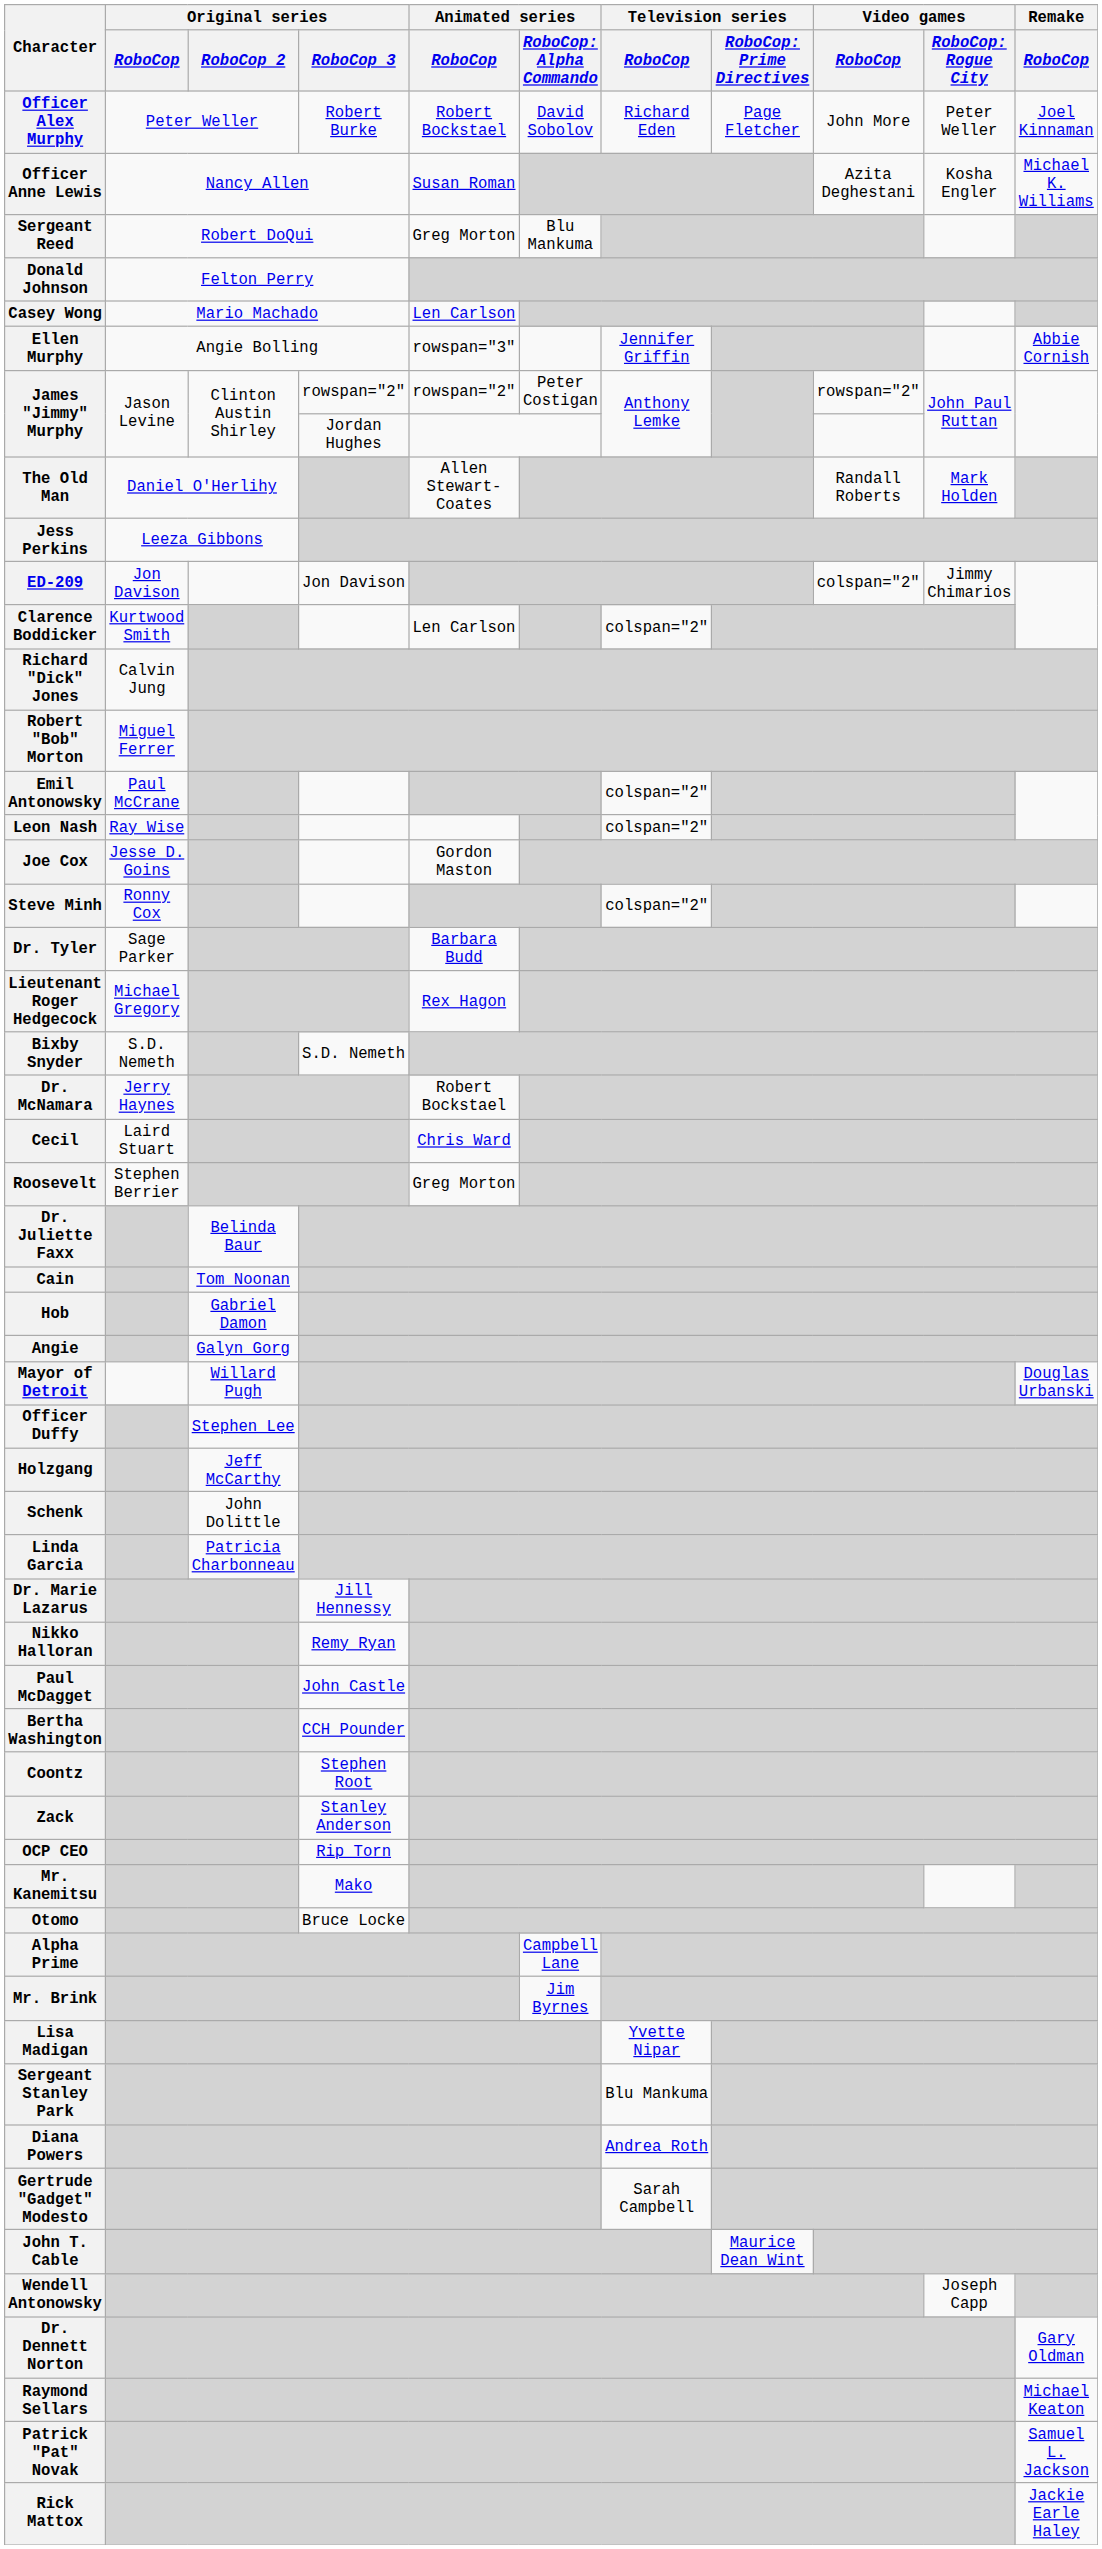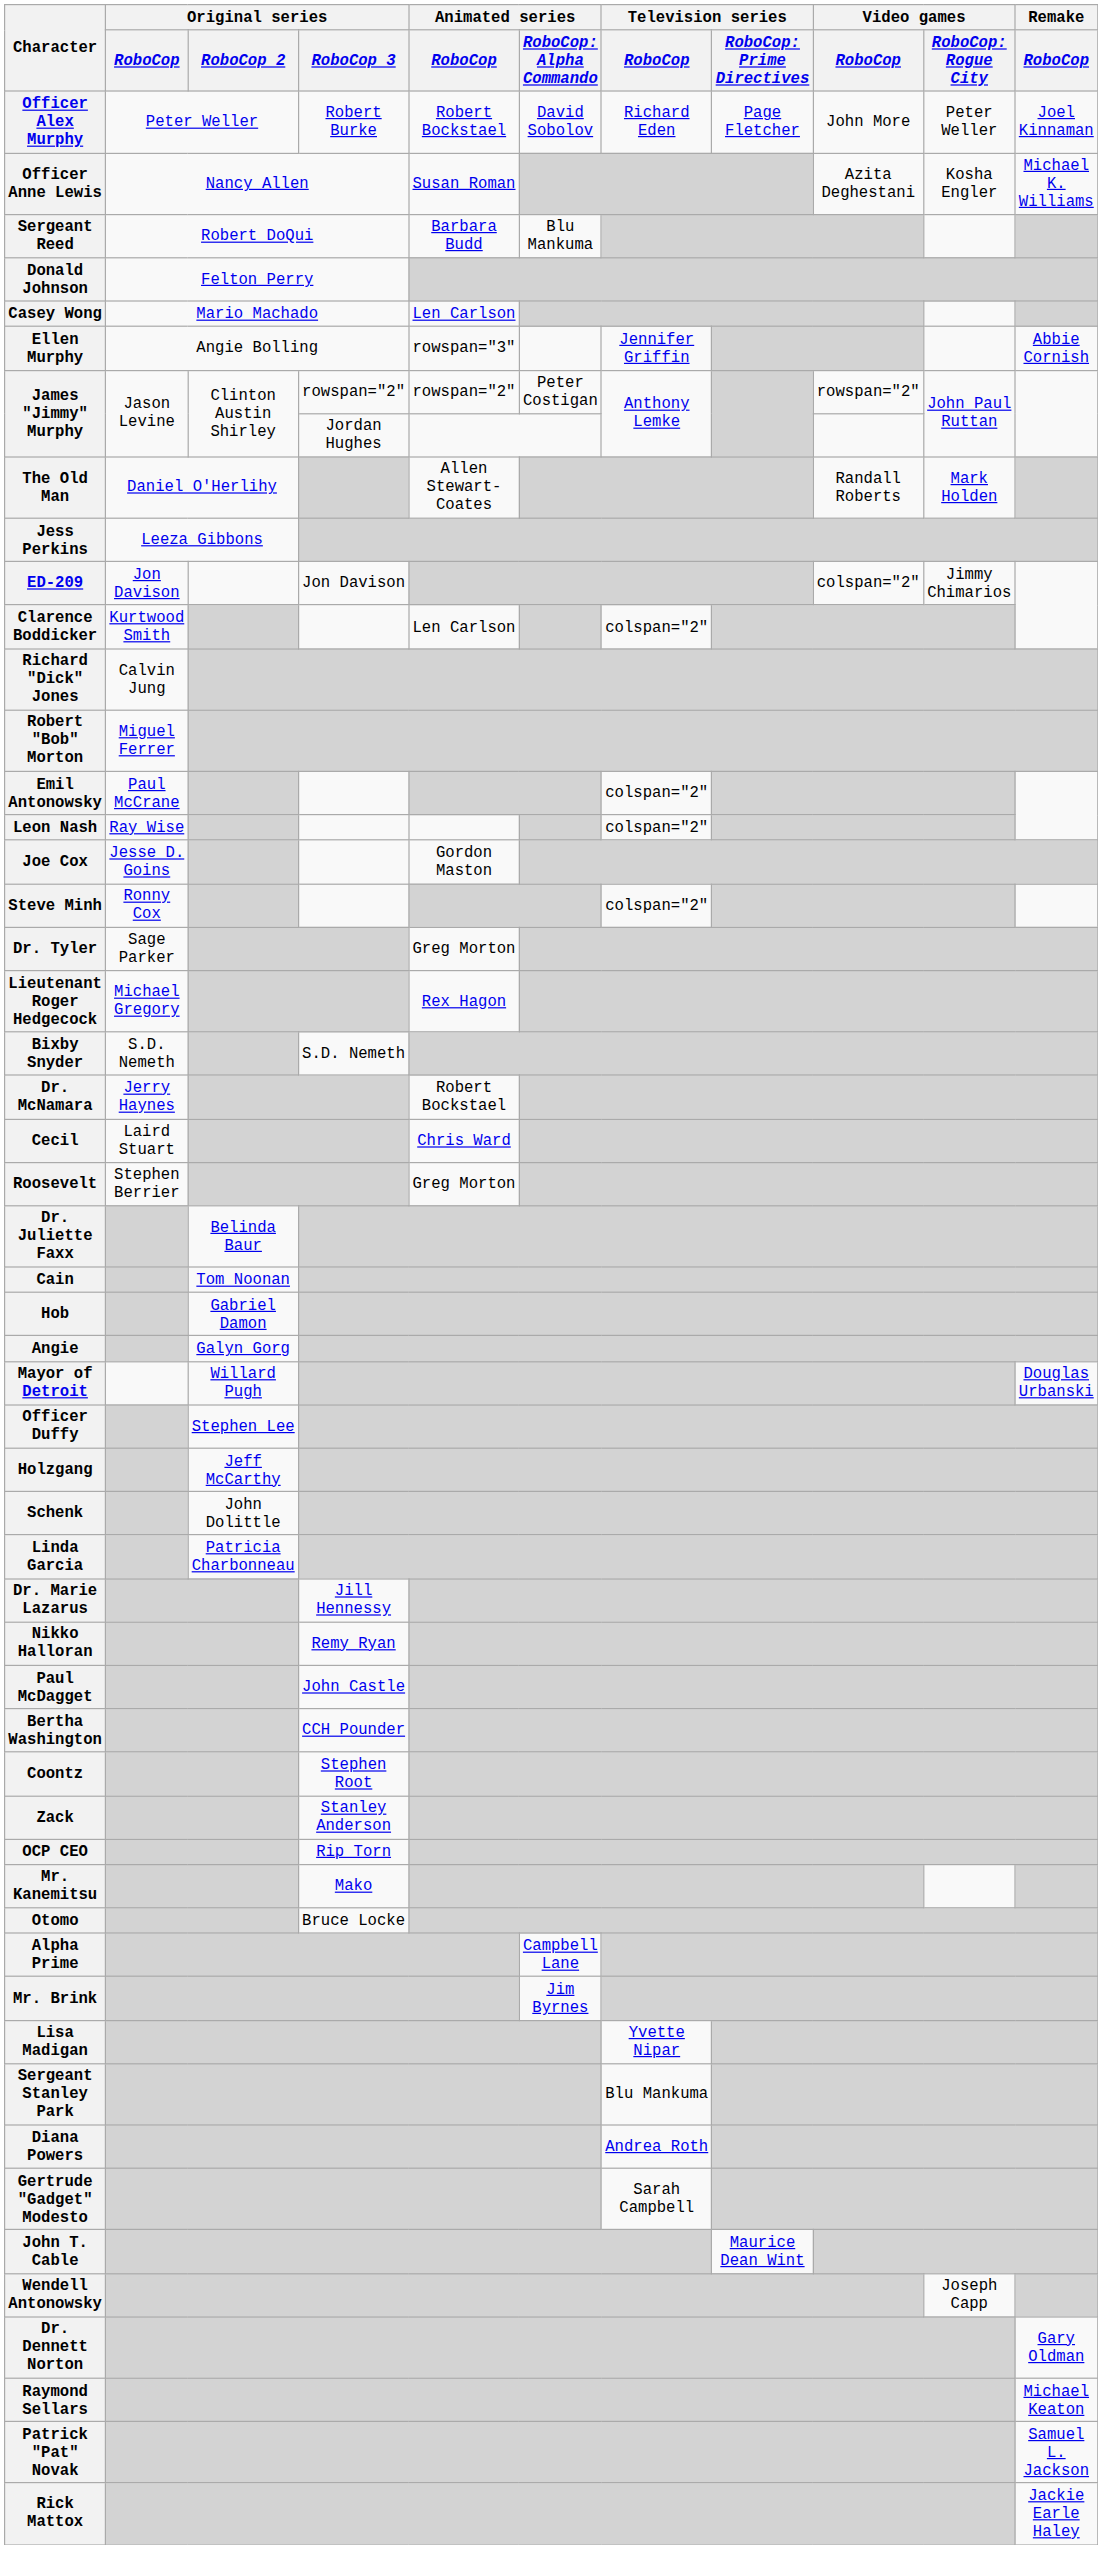 <table class="wikitable"  style="text-align:center;">
 <tr>
 <th rowspan="2">Character</th>
 <th colspan="3">Original series</th>
 <th colspan="2">Animated series</th>
 <th colspan="2">Television series</th>
 <th colspan="2">Video games</th>
 <th>Remake</th>
 </tr>
 <tr>
 <th><em><a href='#'>RoboCop</a></em></th>
 <th><em><a href='#'>RoboCop 2</a></em></th>
 <th><em><a href='#'>RoboCop 3</a></em></th>
 <th><em><a href='#'>RoboCop</a></em></th>
 <th><em><a href='#'>RoboCop: Alpha Commando</a></em></th>
 <th><em><a href='#'>RoboCop</a></em></th>
 <th><em><a href='#'>RoboCop: Prime Directives</a></em></th>
 <th><em><a href='#'>RoboCop</a></em></th>
 <th><em><a href='#'>RoboCop: Rogue City</a></em></th>
 <th><em><a href='#'>RoboCop</a></em></th>
 </tr>
 <tr>
 <th><a href='#'>Officer Alex Murphy<br></a></th>
 <td colspan="2"><a href='#'>Peter Weller</a></td>
 <td><a href='#'>Robert Burke</a></td>
 <td><a href='#'>Robert Bockstael</a></td>
 <td><a href='#'>David Sobolov</a></td>
 <td><a href='#'>Richard Eden</a></td>
 <td><a href='#'>Page Fletcher</a></td>
 <td>John More</td>
 <td>Peter Weller</td>
 <td><a href='#'>Joel Kinnaman</a></td>
 </tr>
 <tr>
 <th>Officer Anne Lewis</th>
 <td colspan="3"><a href='#'>Nancy Allen</a></td>
 <td><a href='#'>Susan Roman</a></td>
 <td colspan="3" style="background:lightgrey"></td>
 <td>Azita Deghestani</td>
 <td>Kosha Engler</td>
 <td><a href='#'>Michael K. Williams</a></td>
 </tr>
 <tr>
 <th>Sergeant Reed</th>
 <td colspan="3"><a href='#'>Robert DoQui</a></td>
-<td>Greg Morton</td>
+<td><a href='#'>Barbara Budd</a></td>
 <td>Blu Mankuma</td>
 <td colspan="3" style="background:lightgrey;"></td>
 <td></td>
 <td style="background:lightgrey;"></td>
 </tr>
 <tr>
 <th>Donald Johnson</th>
 <td colspan="3"><a href='#'>Felton Perry</a></td>
 <td colspan="7" style="background:lightgrey;"></td>
 </tr>
 <tr>
 <th>Casey Wong</th>
 <td colspan="3"><a href='#'>Mario Machado</a></td>
 <td><a href='#'>Len Carlson</a></td>
 <td colspan="4" style="background:lightgrey;"></td>
 <td></td>
 <td style="background:lightgrey;"></td>
 </tr>
 <tr>
 <th>Ellen Murphy</th>
 <td colspan="3">Angie Bolling</td>
 <td>rowspan="3" </td>
 <td></td>
 <td><a href='#'>Jennifer Griffin</a></td>
 <td colspan="2" style="background:lightgrey;"></td>
 <td></td>
 <td><a href='#'>Abbie Cornish</a></td>
 </tr>
 <tr>
 <th rowspan="2">James "Jimmy" Murphy</th>
 <td rowspan="2">Jason Levine</td>
 <td rowspan="2">Clinton Austin Shirley</td>
 <td>rowspan="2" </td>
 <td>rowspan="2" </td>
 <td>Peter Costigan</td>
 <td rowspan="2"><a href='#'>Anthony Lemke</a></td>
 <td rowspan="2" style="background:lightgrey;"></td>
 <td>rowspan="2" </td>
 <td rowspan="2"><a href='#'>John Paul Ruttan</a></td>
 </tr>
 <tr>
 <td>Jordan Hughes</td>
 </tr>
 <tr>
 <th>The Old Man</th>
 <td colspan="2"><a href='#'>Daniel O'Herlihy</a></td>
 <td style="background:lightgrey;"></td>
 <td>Allen Stewart-Coates</td>
 <td colspan="3" style="background:lightgrey;"></td>
 <td>Randall Roberts</td>
 <td><a href='#'>Mark Holden</a></td>
 <td style="background:lightgrey;"></td>
 </tr>
 <tr>
 <th>Jess Perkins</th>
 <td colspan="2"><a href='#'>Leeza Gibbons</a></td>
 <td colspan="8" style="background:lightgrey;"></td>
 </tr>
 <tr>
 <th><a href='#'>ED-209</a></th>
 <td><a href='#'>Jon Davison</a></td>
 <td></td>
 <td>Jon Davison</td>
 <td colspan="4" style="background:lightgrey;"></td>
 <td>colspan="2" </td>
 <td>Jimmy Chimarios</td>
 </tr>
 <tr>
 <th>Clarence Boddicker</th>
 <td><a href='#'>Kurtwood Smith</a></td>
 <td style="background:lightgrey;"></td>
 <td></td>
 <td>Len Carlson</td>
 <td style="background:lightgrey;"></td>
 <td>colspan="2" </td>
 <td colspan="3" style="background:lightgrey;"></td>
 </tr>
 <tr>
 <th>Richard "Dick" Jones</th>
 <td>Calvin Jung</td>
 <td colspan="9" style="background:lightgrey;"></td>
 </tr>
 <tr>
 <th>Robert "Bob" Morton</th>
 <td><a href='#'>Miguel Ferrer</a></td>
 <td colspan="9" style="background:lightgrey;"></td>
 </tr>
 <tr>
 <th>Emil Antonowsky</th>
 <td><a href='#'>Paul McCrane</a></td>
 <td style="background:lightgrey;"></td>
 <td></td>
 <td colspan="2" style="background:lightgrey;"></td>
 <td>colspan="2" </td>
 <td colspan="3" style="background:lightgrey;"></td>
 </tr>
 <tr>
 <th>Leon Nash</th>
 <td><a href='#'>Ray Wise</a></td>
 <td style="background:lightgrey;"></td>
 <td></td>
 <td></td>
 <td style="background:lightgrey;"></td>
 <td>colspan="2" </td>
 <td colspan="3" style="background:lightgrey;"></td>
 </tr>
 <tr>
 <th>Joe Cox</th>
 <td><a href='#'>Jesse D. Goins</a></td>
 <td style="background:lightgrey;"></td>
 <td></td>
 <td>Gordon Maston</td>
 <td colspan="6" style="background:lightgrey;"></td>
 </tr>
 <tr>
 <th>Steve Minh</th>
 <td><a href='#'>Ronny Cox</a></td>
 <td style="background:lightgrey;"></td>
 <td></td>
 <td colspan="2" style="background:lightgrey;"></td>
 <td>colspan="2" </td>
 <td colspan="3" style="background:lightgrey;"></td>
 </tr>
 <tr>
 <th>Dr. Tyler</th>
 <td>Sage Parker</td>
 <td colspan="2" style="background:lightgrey;"></td>
-<td><a href='#'>Barbara Budd</a></td>
+<td>Greg Morton</td>
 <td colspan="6" style="background:lightgrey;"></td>
 </tr>
 <tr>
 <th>Lieutenant Roger Hedgecock</th>
 <td><a href='#'>Michael Gregory</a></td>
 <td colspan="2" style="background:lightgrey;"></td>
 <td><a href='#'>Rex Hagon</a></td>
 <td colspan="6" style="background:lightgrey;"></td>
 </tr>
 <tr>
 <th>Bixby Snyder</th>
 <td>S.D. Nemeth</td>
 <td style="background:lightgrey;"></td>
 <td>S.D. Nemeth</td>
 <td colspan="7" style="background:lightgrey;"></td>
 </tr>
 <tr>
 <th>Dr. McNamara</th>
 <td><a href='#'>Jerry Haynes</a></td>
 <td colspan="2" style="background:lightgrey;"></td>
 <td>Robert Bockstael</td>
 <td colspan="6" style="background:lightgrey;"></td>
 </tr>
 <tr>
 <th>Cecil</th>
 <td>Laird Stuart</td>
 <td colspan="2" style="background:lightgrey;"></td>
 <td><a href='#'>Chris Ward</a></td>
 <td colspan="6" style="background:lightgrey;"></td>
 </tr>
 <tr>
 <th>Roosevelt</th>
 <td>Stephen Berrier</td>
 <td colspan="2" style="background:lightgrey;"></td>
 <td>Greg Morton</td>
 <td colspan="6" style="background:lightgrey;"></td>
 </tr>
 <tr>
 <th>Dr. Juliette Faxx</th>
 <td style="background:lightgrey;"> </td>
 <td><a href='#'>Belinda Baur</a></td>
 <td colspan="8" style="background:lightgrey;"> </td>
 </tr>
 <tr>
 <th>Cain<br></th>
 <td style="background:lightgrey;"></td>
 <td><a href='#'>Tom Noonan</a></td>
 <td colspan="8" style="background:lightgrey;"></td>
 </tr>
 <tr>
 <th>Hob</th>
 <td style="background:lightgrey;"></td>
 <td><a href='#'>Gabriel Damon</a></td>
 <td colspan="8" style="background:lightgrey;"></td>
 </tr>
 <tr>
 <th>Angie</th>
 <td style="background:lightgrey;"></td>
 <td><a href='#'>Galyn Gorg</a></td>
 <td colspan="8" style="background:lightgrey;"></td>
 </tr>
 <tr>
 <th>Mayor of <a href='#'>Detroit</a></th>
 <td></td>
 <td><a href='#'>Willard Pugh</a></td>
 <td colspan="7" style="background:lightgrey;"></td>
 <td><a href='#'>Douglas Urbanski</a></td>
 </tr>
 <tr>
 <th>Officer Duffy</th>
 <td style="background:lightgrey;"></td>
 <td><a href='#'>Stephen Lee</a></td>
 <td colspan="8" style="background:lightgrey;"></td>
 </tr>
 <tr>
 <th>Holzgang</th>
 <td style="background:lightgrey;"></td>
 <td><a href='#'>Jeff McCarthy</a></td>
 <td colspan="8" style="background:lightgrey;"></td>
 </tr>
 <tr>
 <th>Schenk</th>
 <td style="background:lightgrey;"></td>
 <td>John Dolittle</td>
 <td colspan="8" style="background:lightgrey;"></td>
 </tr>
 <tr>
 <th>Linda Garcia</th>
 <td style="background:lightgrey;"></td>
 <td><a href='#'>Patricia Charbonneau</a></td>
 <td colspan="8" style="background:lightgrey;"></td>
 </tr>
 <tr>
 <th>Dr. Marie Lazarus</th>
 <td colspan="2" style="background:lightgrey;"></td>
 <td><a href='#'>Jill Hennessy</a></td>
 <td colspan="7" style="background:lightgrey;"></td>
 </tr>
 <tr>
 <th>Nikko Halloran</th>
 <td colspan="2" style="background:lightgrey;"></td>
 <td><a href='#'>Remy Ryan</a></td>
 <td colspan="7" style="background:lightgrey;"></td>
 </tr>
 <tr>
 <th>Paul McDagget</th>
 <td colspan="2" style="background:lightgrey;"></td>
 <td><a href='#'>John Castle</a></td>
 <td colspan="7" style="background:lightgrey;"></td>
 </tr>
 <tr>
 <th>Bertha Washington</th>
 <td colspan="2" style="background:lightgrey;"></td>
 <td><a href='#'>CCH Pounder</a></td>
 <td colspan="7" style="background:lightgrey;"></td>
 </tr>
 <tr>
 <th>Coontz</th>
 <td colspan="2" style="background:lightgrey;"></td>
 <td><a href='#'>Stephen Root</a></td>
 <td colspan="7" style="background:lightgrey;"></td>
 </tr>
 <tr>
 <th>Zack</th>
 <td colspan="2" style="background:lightgrey;"></td>
 <td><a href='#'>Stanley Anderson</a></td>
 <td colspan="7" style="background:lightgrey;"></td>
 </tr>
 <tr>
 <th>OCP CEO</th>
 <td colspan="2" style="background:lightgrey;"></td>
 <td><a href='#'>Rip Torn</a></td>
 <td colspan="7" style="background:lightgrey;"></td>
 </tr>
 <tr>
 <th>Mr. Kanemitsu</th>
 <td colspan="2" style="background:lightgrey;"></td>
 <td><a href='#'>Mako</a></td>
 <td colspan="5" style="background:lightgrey;"></td>
 <td></td>
 <td style="background:lightgrey;"></td>
 </tr>
 <tr>
 <th>Otomo</th>
 <td colspan="2" style="background:lightgrey;"></td>
 <td>Bruce Locke</td>
 <td colspan="7" style="background:lightgrey;"></td>
 </tr>
 <tr>
 <th>Alpha Prime</th>
 <td colspan="4" style="background:lightgrey;"></td>
 <td><a href='#'>Campbell Lane</a></td>
 <td colspan="5" style="background:lightgrey;"></td>
 </tr>
 <tr>
 <th>Mr. Brink</th>
 <td colspan="4" style="background:lightgrey;"></td>
 <td><a href='#'>Jim Byrnes</a></td>
 <td colspan="5" style="background:lightgrey;"></td>
 </tr>
 <tr>
 <th>Lisa Madigan</th>
 <td colspan="5" style="background:lightgrey;"></td>
 <td><a href='#'>Yvette Nipar</a></td>
 <td colspan="5" style="background:lightgrey;"></td>
 </tr>
 <tr>
 <th>Sergeant Stanley Park</th>
 <td colspan="5" style="background:lightgrey;"></td>
 <td>Blu Mankuma</td>
 <td colspan="5" style="background:lightgrey;"></td>
 </tr>
 <tr>
 <th>Diana Powers</th>
 <td colspan="5" style="background:lightgrey;"></td>
 <td><a href='#'>Andrea Roth</a></td>
 <td colspan="4" style="background:lightgrey;"></td>
 </tr>
 <tr>
 <th>Gertrude "Gadget" Modesto</th>
 <td colspan="5" style="background:lightgrey;"></td>
 <td>Sarah Campbell</td>
 <td colspan="4" style="background:lightgrey;"></td>
 </tr>
 <tr>
 <th>John T. Cable<br></th>
 <td colspan="6" style="background:lightgrey;"></td>
 <td><a href='#'>Maurice Dean Wint</a></td>
 <td colspan="3" style="background:lightgrey;"></td>
 </tr>
 <tr>
 <th>Wendell Antonowsky</th>
 <td colspan="8" style="background:lightgrey;"></td>
 <td>Joseph Capp</td>
 <td style="background:lightgrey;"></td>
 </tr>
 <tr>
 <th>Dr. Dennett Norton</th>
 <td colspan="9" style="background:lightgrey;"></td>
 <td><a href='#'>Gary Oldman</a></td>
 </tr>
 <tr>
 <th>Raymond Sellars</th>
 <td colspan="9" style="background:lightgrey;"></td>
 <td><a href='#'>Michael Keaton</a></td>
 </tr>
 <tr>
 <th>Patrick "Pat" Novak</th>
 <td colspan="9" style="background:lightgrey;"></td>
 <td><a href='#'>Samuel L. Jackson</a></td>
 </tr>
 <tr>
 <th>Rick Mattox</th>
 <td colspan="9" style="background:lightgrey;"></td>
 <td><a href='#'>Jackie Earle Haley</a></td>
 </tr>
 </table>
